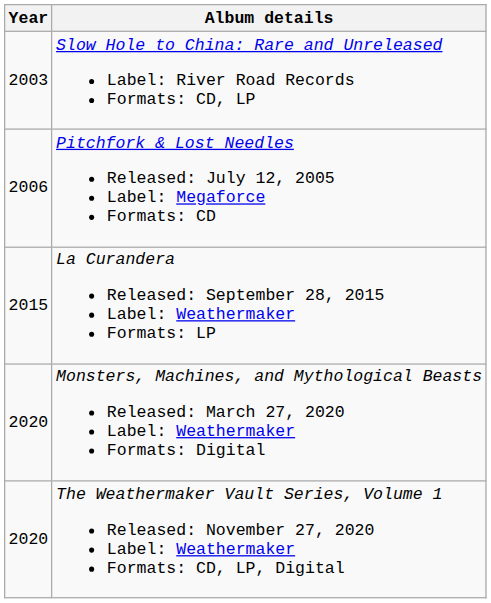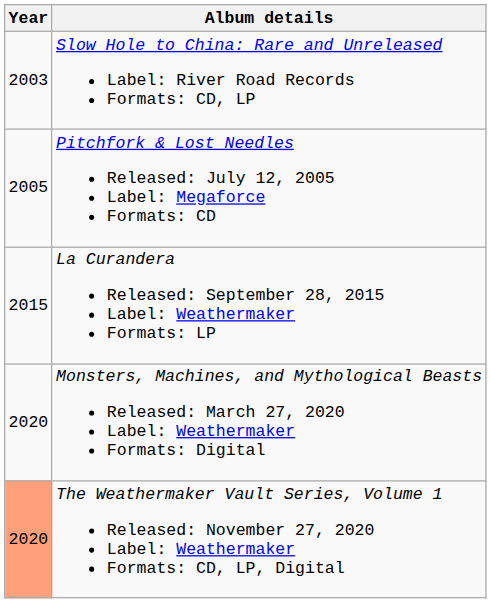 <table class="wikitable" border="1">
 <tr>
 <th>Year</th>
 <th>Album details</th>
 </tr>
 <tr>
 <td align="center">2003</td>
 <td><em><a href='#'>Slow Hole to China: Rare and Unreleased</a></em><br><ul><li>Label: River Road Records</li><li>Formats: CD, LP</li></ul></td>
 </tr>
 <tr>
-<td align="center">2006</td>
+<td align="center">2005</td>
 <td><em><a href='#'>Pitchfork & Lost Needles</a></em><br><ul><li>Released: July 12, 2005</li><li>Label: <a href='#'>Megaforce</a></li><li>Formats: CD</li></ul></td>
 </tr>
 <tr>
 <td>2015</td>
 <td><em>La Curandera</em><br><ul><li>Released: September 28, 2015</li><li>Label: <a href='#'>Weathermaker</a></li><li>Formats: LP</li></ul></td>
 </tr>
 <tr>
 <td>2020</td>
 <td><em>Monsters, Machines, and Mythological Beasts</em><br><ul><li>Released: March 27, 2020</li><li>Label: <a href='#'>Weathermaker</a></li><li>Formats: Digital</li></ul></td>
 </tr>
 <tr>
-<td>2020</td>
+<td style="background: lightsalmon;">2020</td>
 <td><em>The Weathermaker Vault Series, Volume 1</em><br><ul><li>Released: November 27, 2020</li><li>Label: <a href='#'>Weathermaker</a></li><li>Formats: CD, LP, Digital</li></ul></td>
 </tr>
 </table>
